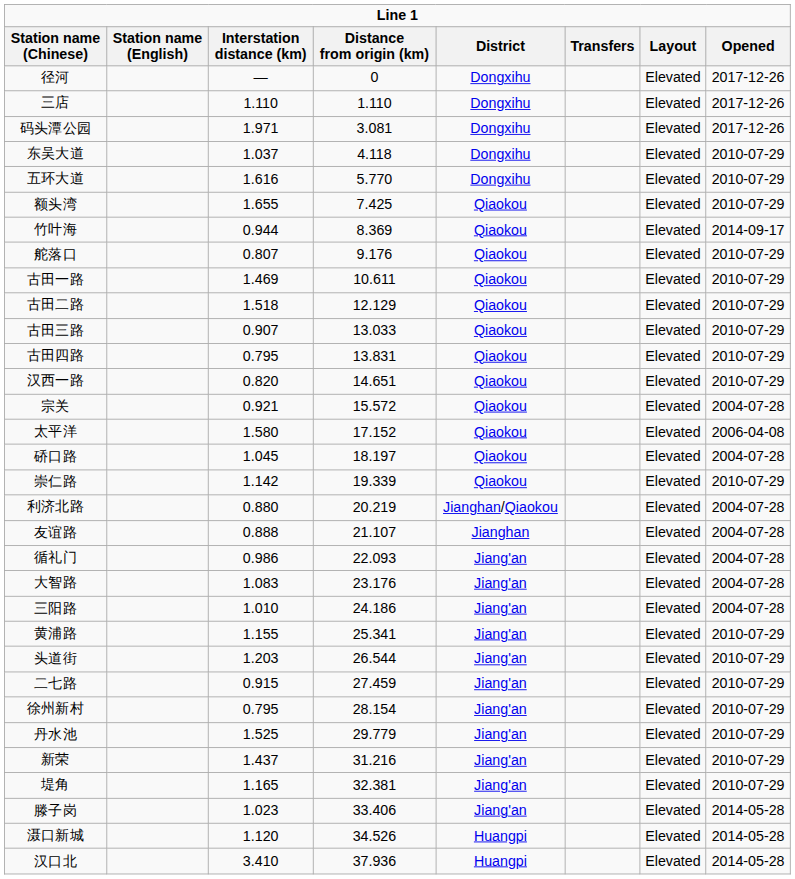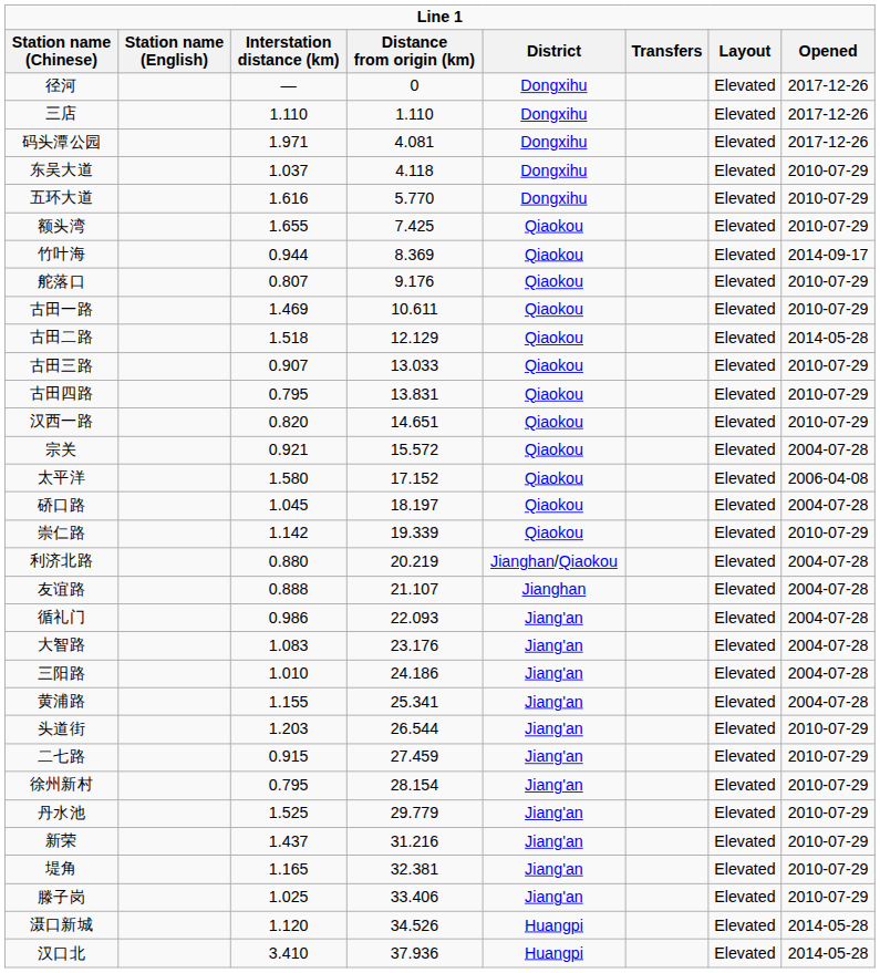 <table class="wikitable" style="width:100%; text-align: center;">
 <tr>
 <td align=center colspan=10><span><strong>Line 1</strong></span></td>
 </tr>
 <tr bgcolor="#CCCCCC">
 <th>Station name<br>(Chinese)</th>
 <th>Station name<br>(English)</th>
 <th>Interstation<br>distance (km)</th>
 <th>Distance<br>from origin (km)</th>
 <th>District</th>
 <th>Transfers</th>
 <th>Layout</th>
 <th>Opened</th>
 </tr>
 <tr>
 <td>径河</td>
 <td></td>
 <td>—</td>
 <td>0</td>
 <td><a href='#'>Dongxihu</a></td>
 <td></td>
 <td>Elevated</td>
 <td>2017-12-26</td>
 </tr>
 <tr>
 <td>三店</td>
 <td></td>
 <td>1.110</td>
 <td>1.110</td>
 <td><a href='#'>Dongxihu</a></td>
 <td></td>
 <td>Elevated</td>
 <td>2017-12-26</td>
 </tr>
 <tr>
 <td>码头潭公园</td>
 <td></td>
 <td>1.971</td>
-<td>3.081</td>
+<td>4.081</td>
 <td><a href='#'>Dongxihu</a></td>
 <td></td>
 <td>Elevated</td>
 <td>2017-12-26</td>
 </tr>
 <tr>
 <td>东吴大道</td>
 <td></td>
 <td>1.037</td>
 <td>4.118</td>
 <td><a href='#'>Dongxihu</a></td>
 <td></td>
 <td>Elevated</td>
 <td>2010-07-29</td>
 </tr>
 <tr>
 <td>五环大道</td>
 <td></td>
 <td>1.616</td>
 <td>5.770</td>
 <td><a href='#'>Dongxihu</a></td>
 <td></td>
 <td>Elevated</td>
 <td>2010-07-29</td>
 </tr>
 <tr>
 <td>额头湾</td>
 <td></td>
 <td>1.655</td>
 <td>7.425</td>
 <td><a href='#'>Qiaokou</a></td>
 <td></td>
 <td>Elevated</td>
 <td>2010-07-29</td>
 </tr>
 <tr>
 <td>竹叶海</td>
 <td></td>
 <td>0.944</td>
 <td>8.369</td>
 <td><a href='#'>Qiaokou</a></td>
 <td></td>
 <td>Elevated</td>
 <td>2014-09-17</td>
 </tr>
 <tr>
 <td>舵落口</td>
 <td></td>
 <td>0.807</td>
 <td>9.176</td>
 <td><a href='#'>Qiaokou</a></td>
 <td></td>
 <td>Elevated</td>
 <td>2010-07-29</td>
 </tr>
 <tr>
 <td>古田一路</td>
 <td></td>
 <td>1.469</td>
 <td>10.611</td>
 <td><a href='#'>Qiaokou</a></td>
 <td></td>
 <td>Elevated</td>
 <td>2010-07-29</td>
 </tr>
 <tr>
 <td>古田二路</td>
 <td></td>
 <td>1.518</td>
 <td>12.129</td>
 <td><a href='#'>Qiaokou</a></td>
 <td></td>
 <td>Elevated</td>
-<td>2010-07-29</td>
+<td>2014-05-28</td>
 </tr>
 <tr>
 <td>古田三路</td>
 <td></td>
 <td>0.907</td>
 <td>13.033</td>
 <td><a href='#'>Qiaokou</a></td>
 <td></td>
 <td>Elevated</td>
 <td>2010-07-29</td>
 </tr>
 <tr>
 <td>古田四路</td>
 <td></td>
 <td>0.795</td>
 <td>13.831</td>
 <td><a href='#'>Qiaokou</a></td>
 <td></td>
 <td>Elevated</td>
 <td>2010-07-29</td>
 </tr>
 <tr>
 <td>汉西一路</td>
 <td></td>
 <td>0.820</td>
 <td>14.651</td>
 <td><a href='#'>Qiaokou</a></td>
 <td></td>
 <td>Elevated</td>
 <td>2010-07-29</td>
 </tr>
 <tr>
 <td>宗关</td>
 <td></td>
 <td>0.921</td>
 <td>15.572</td>
 <td><a href='#'>Qiaokou</a></td>
 <td></td>
 <td>Elevated</td>
 <td>2004-07-28</td>
 </tr>
 <tr>
 <td>太平洋</td>
 <td></td>
 <td>1.580</td>
 <td>17.152</td>
 <td><a href='#'>Qiaokou</a></td>
 <td></td>
 <td>Elevated</td>
 <td>2006-04-08</td>
 </tr>
 <tr>
 <td>硚口路</td>
 <td></td>
 <td>1.045</td>
 <td>18.197</td>
 <td><a href='#'>Qiaokou</a></td>
 <td></td>
 <td>Elevated</td>
 <td>2004-07-28</td>
 </tr>
 <tr>
 <td>崇仁路</td>
 <td></td>
 <td>1.142</td>
 <td>19.339</td>
 <td><a href='#'>Qiaokou</a></td>
 <td></td>
 <td>Elevated</td>
 <td>2010-07-29</td>
 </tr>
 <tr>
 <td>利济北路</td>
 <td></td>
 <td>0.880</td>
 <td>20.219</td>
 <td><a href='#'>Jianghan</a>/<a href='#'>Qiaokou</a></td>
 <td></td>
 <td>Elevated</td>
 <td>2004-07-28</td>
 </tr>
 <tr>
 <td>友谊路</td>
 <td></td>
 <td>0.888</td>
 <td>21.107</td>
 <td><a href='#'>Jianghan</a></td>
 <td></td>
 <td>Elevated</td>
 <td>2004-07-28</td>
 </tr>
 <tr>
 <td>循礼门</td>
 <td></td>
 <td>0.986</td>
 <td>22.093</td>
 <td><a href='#'>Jiang'an</a></td>
 <td></td>
 <td>Elevated</td>
 <td>2004-07-28</td>
 </tr>
 <tr>
 <td>大智路</td>
 <td></td>
 <td>1.083</td>
 <td>23.176</td>
 <td><a href='#'>Jiang'an</a></td>
 <td></td>
 <td>Elevated</td>
 <td>2004-07-28</td>
 </tr>
 <tr>
 <td>三阳路</td>
 <td></td>
 <td>1.010</td>
 <td>24.186</td>
 <td><a href='#'>Jiang'an</a></td>
 <td></td>
 <td>Elevated</td>
 <td>2004-07-28</td>
 </tr>
 <tr>
 <td>黄浦路</td>
 <td></td>
 <td>1.155</td>
 <td>25.341</td>
 <td><a href='#'>Jiang'an</a></td>
 <td></td>
 <td>Elevated</td>
-<td>2010-07-29</td>
+<td>2004-07-28</td>
 </tr>
 <tr>
 <td>头道街</td>
 <td></td>
 <td>1.203</td>
 <td>26.544</td>
 <td><a href='#'>Jiang'an</a></td>
 <td></td>
 <td>Elevated</td>
 <td>2010-07-29</td>
 </tr>
 <tr>
 <td>二七路</td>
 <td></td>
 <td>0.915</td>
 <td>27.459</td>
 <td><a href='#'>Jiang'an</a></td>
 <td></td>
 <td>Elevated</td>
 <td>2010-07-29</td>
 </tr>
 <tr>
 <td>徐州新村</td>
 <td></td>
 <td>0.795</td>
 <td>28.154</td>
 <td><a href='#'>Jiang'an</a></td>
 <td></td>
 <td>Elevated</td>
 <td>2010-07-29</td>
 </tr>
 <tr>
 <td>丹水池</td>
 <td></td>
 <td>1.525</td>
 <td>29.779</td>
 <td><a href='#'>Jiang'an</a></td>
 <td></td>
 <td>Elevated</td>
 <td>2010-07-29</td>
 </tr>
 <tr>
 <td>新荣</td>
 <td></td>
 <td>1.437</td>
 <td>31.216</td>
 <td><a href='#'>Jiang'an</a></td>
 <td></td>
 <td>Elevated</td>
 <td>2010-07-29</td>
 </tr>
 <tr>
 <td>堤角</td>
 <td></td>
 <td>1.165</td>
 <td>32.381</td>
 <td><a href='#'>Jiang'an</a></td>
 <td></td>
 <td>Elevated</td>
 <td>2010-07-29</td>
 </tr>
 <tr>
 <td>滕子岗</td>
 <td></td>
-<td>1.023</td>
+<td>1.025</td>
 <td>33.406</td>
 <td><a href='#'>Jiang'an</a></td>
 <td></td>
 <td>Elevated</td>
-<td>2014-05-28</td>
+<td>2010-07-29</td>
 </tr>
 <tr>
 <td>滠口新城</td>
 <td></td>
 <td>1.120</td>
 <td>34.526</td>
 <td><a href='#'>Huangpi</a></td>
 <td></td>
 <td>Elevated</td>
 <td>2014-05-28</td>
 </tr>
 <tr>
 <td>汉口北</td>
 <td></td>
 <td>3.410</td>
 <td>37.936</td>
 <td><a href='#'>Huangpi</a></td>
 <td></td>
 <td>Elevated</td>
 <td>2014-05-28</td>
 </tr>
 </table>
